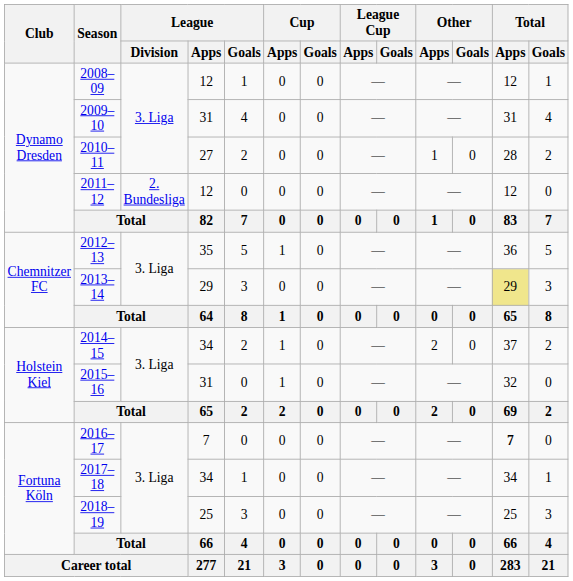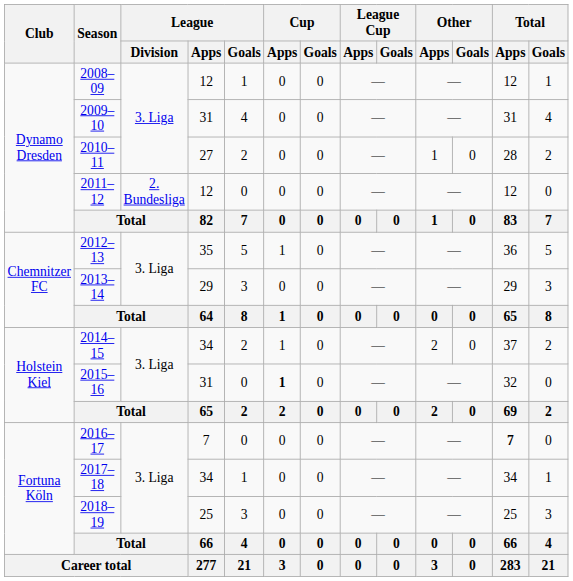 <table class="wikitable" style="text-align:center">
 <tr>
 <th rowspan="2">Club</th>
 <th rowspan="2">Season</th>
 <th colspan="3">League</th>
 <th colspan="2">Cup</th>
 <th colspan="2">League Cup</th>
 <th colspan="2">Other</th>
 <th colspan="2">Total</th>
 </tr>
 <tr>
 <th>Division</th>
 <th>Apps</th>
 <th>Goals</th>
 <th>Apps</th>
 <th>Goals</th>
 <th>Apps</th>
 <th>Goals</th>
 <th>Apps</th>
 <th>Goals</th>
 <th>Apps</th>
 <th>Goals</th>
 </tr>
 <tr>
 <td rowspan="5"><a href='#'>Dynamo Dresden</a></td>
 <td><a href='#'>2008–09</a></td>
 <td rowspan="3"><a href='#'>3. Liga</a></td>
 <td>12</td>
 <td>1</td>
 <td>0</td>
 <td>0</td>
 <td colspan="2">—</td>
 <td colspan="2">—</td>
 <td>12</td>
 <td>1</td>
 </tr>
 <tr>
 <td><a href='#'>2009–10</a></td>
 <td>31</td>
 <td>4</td>
 <td>0</td>
 <td>0</td>
 <td colspan="2">—</td>
 <td colspan="2">—</td>
 <td>31</td>
 <td>4</td>
 </tr>
 <tr>
 <td><a href='#'>2010–11</a></td>
 <td>27</td>
 <td>2</td>
 <td>0</td>
 <td>0</td>
 <td colspan="2">—</td>
 <td>1</td>
 <td>0</td>
 <td>28</td>
 <td>2</td>
 </tr>
 <tr>
 <td><a href='#'>2011–12</a></td>
 <td><a href='#'>2. Bundesliga</a></td>
 <td>12</td>
 <td>0</td>
 <td>0</td>
 <td>0</td>
 <td colspan="2">—</td>
 <td colspan="2">—</td>
 <td>12</td>
 <td>0</td>
 </tr>
 <tr>
 <th colspan="2">Total</th>
 <th>82</th>
 <th>7</th>
 <th>0</th>
 <th>0</th>
 <th>0</th>
 <th>0</th>
 <th>1</th>
 <th>0</th>
 <th>83</th>
 <th>7</th>
 </tr>
 <tr>
 <td rowspan="3"><a href='#'>Chemnitzer FC</a></td>
 <td><a href='#'>2012–13</a></td>
 <td rowspan="2">3. Liga</td>
 <td>35</td>
 <td>5</td>
 <td>1</td>
 <td>0</td>
 <td colspan="2">—</td>
 <td colspan="2">—</td>
 <td>36</td>
 <td>5</td>
 </tr>
 <tr>
 <td><a href='#'>2013–14</a></td>
 <td>29</td>
 <td>3</td>
 <td>0</td>
 <td>0</td>
 <td colspan="2">—</td>
 <td colspan="2">—</td>
-<td style="background: khaki;">29</td>
+<td>29</td>
 <td>3</td>
 </tr>
 <tr>
 <th colspan="2">Total</th>
 <th>64</th>
 <th>8</th>
 <th>1</th>
 <th>0</th>
 <th>0</th>
 <th>0</th>
 <th>0</th>
 <th>0</th>
 <th>65</th>
 <th>8</th>
 </tr>
 <tr>
 <td rowspan="3"><a href='#'>Holstein Kiel</a></td>
 <td><a href='#'>2014–15</a></td>
 <td rowspan="2">3. Liga</td>
 <td>34</td>
 <td>2</td>
 <td>1</td>
 <td>0</td>
 <td colspan="2">—</td>
 <td>2</td>
 <td>0</td>
 <td>37</td>
 <td>2</td>
 </tr>
 <tr>
 <td><a href='#'>2015–16</a></td>
 <td>31</td>
 <td>0</td>
-<td>1</td>
+<td><strong>1</strong></td>
 <td>0</td>
 <td colspan="2">—</td>
 <td colspan="2">—</td>
 <td>32</td>
 <td>0</td>
 </tr>
 <tr>
 <th colspan="2">Total</th>
 <th>65</th>
 <th>2</th>
 <th>2</th>
 <th>0</th>
 <th>0</th>
 <th>0</th>
 <th>2</th>
 <th>0</th>
 <th>69</th>
 <th>2</th>
 </tr>
 <tr>
 <td rowspan="4"><a href='#'>Fortuna Köln</a></td>
 <td><a href='#'>2016–17</a></td>
 <td rowspan="3">3. Liga</td>
 <td>7</td>
 <td>0</td>
 <td>0</td>
 <td>0</td>
 <td colspan="2">—</td>
 <td colspan="2">—</td>
 <td><strong>7</strong></td>
 <td>0</td>
 </tr>
 <tr>
 <td><a href='#'>2017–18</a></td>
 <td>34</td>
 <td>1</td>
 <td>0</td>
 <td>0</td>
 <td colspan="2">—</td>
 <td colspan="2">—</td>
 <td>34</td>
 <td>1</td>
 </tr>
 <tr>
 <td><a href='#'>2018–19</a></td>
 <td>25</td>
 <td>3</td>
 <td>0</td>
 <td>0</td>
 <td colspan="2">—</td>
 <td colspan="2">—</td>
 <td>25</td>
 <td>3</td>
 </tr>
 <tr>
 <th colspan="2">Total</th>
 <th>66</th>
 <th>4</th>
 <th>0</th>
 <th>0</th>
 <th>0</th>
 <th>0</th>
 <th>0</th>
 <th>0</th>
 <th>66</th>
 <th>4</th>
 </tr>
 <tr>
 <th colspan="3">Career total</th>
 <th>277</th>
 <th>21</th>
 <th>3</th>
 <th>0</th>
 <th>0</th>
 <th>0</th>
 <th>3</th>
 <th>0</th>
 <th>283</th>
 <th>21</th>
 </tr>
 </table>
